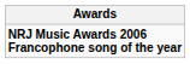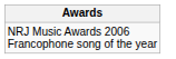 <table class="wikitable">
 <tr>
 <th>Awards</th>
 </tr>
 <tr>
-<td><strong>NRJ Music Awards 2006<br>Francophone song of the year</strong></td>
+<td>NRJ Music Awards 2006<br>Francophone song of the year</td>
 </tr>
 </table>
